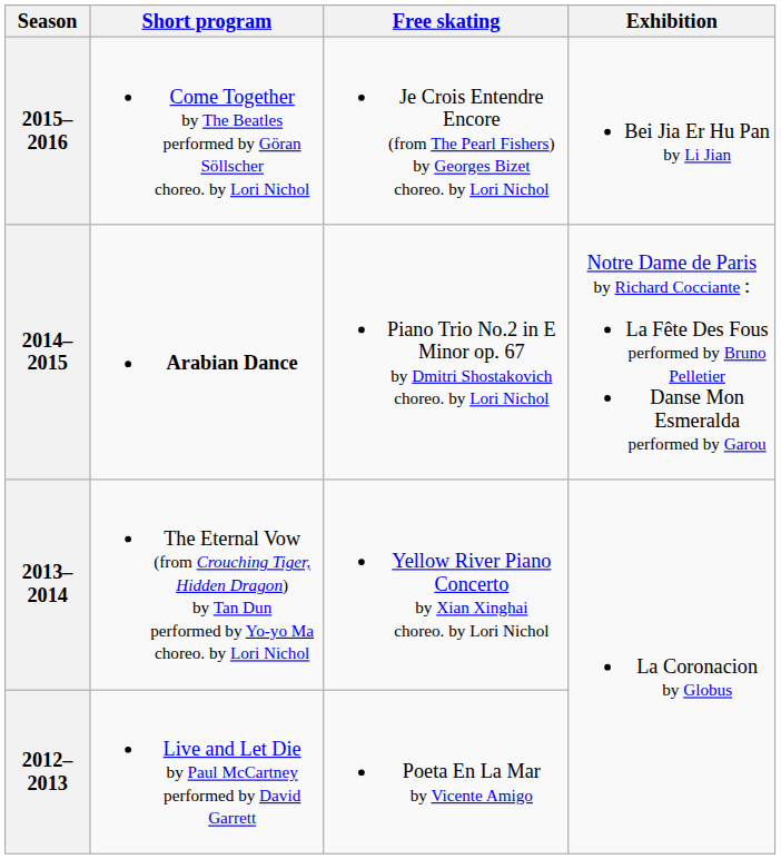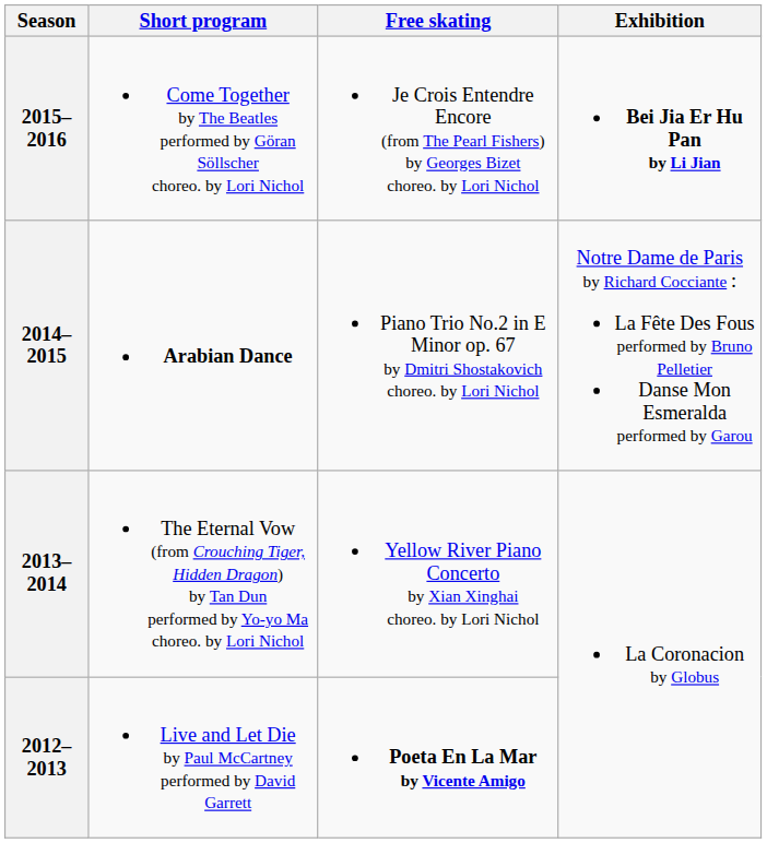 <table class="wikitable" style="text-align:center">
 <tr>
 <th>Season</th>
 <th><a href='#'>Short program</a></th>
 <th><a href='#'>Free skating</a></th>
 <th>Exhibition</th>
 </tr>
 <tr>
 <th>2015–2016 <br> </th>
 <td><br><ul><li><a href='#'>Come Together</a> <br><small> by <a href='#'>The Beatles</a> <br> performed by <a href='#'>Göran Söllscher</a> <br> choreo. by <a href='#'>Lori Nichol</a> </small></li></ul></td>
 <td><br><ul><li>Je Crois Entendre Encore <br><small> (from <a href='#'>The Pearl Fishers</a>) <br> by <a href='#'>Georges Bizet</a> <br> choreo. by <a href='#'>Lori Nichol</a></small></li></ul></td>
-<td><br><ul><li>Bei Jia Er Hu Pan <br><small> by <a href='#'>Li Jian</a> </small></li></ul></td>
+<td><strong><br><ul><li>Bei Jia Er Hu Pan <br><small> by <a href='#'>Li Jian</a> </small></li></ul></strong></td>
 </tr>
 <tr>
 <th>2014–2015 <br> </th>
 <td><strong><br><ul><li>Arabian Dance <br> </li></ul></strong></td>
 <td><br><ul><li>Piano Trio No.2 in E Minor op. 67 <br><small> by <a href='#'>Dmitri Shostakovich</a> <br> choreo. by <a href='#'>Lori Nichol</a> </small></li></ul></td>
 <td><br><a href='#'>Notre Dame de Paris</a> <br><small> by <a href='#'>Richard Cocciante</a> </small>:<ul><li>La Fête Des Fous <br><small> performed by <a href='#'>Bruno Pelletier</a> </small></li><li>Danse Mon Esmeralda <br><small> performed by <a href='#'>Garou</a> </small></li></ul></td>
 </tr>
 <tr>
 <th>2013–2014 <br> </th>
 <td><br><ul><li>The Eternal Vow <br><small> (from <em><a href='#'>Crouching Tiger, Hidden Dragon</a></em>) <br> by <a href='#'>Tan Dun</a> <br> performed by <a href='#'>Yo-yo Ma</a> <br> choreo. by <a href='#'>Lori Nichol</a> </small></li></ul></td>
 <td><br><ul><li><a href='#'>Yellow River Piano Concerto</a> <br><small> by <a href='#'>Xian Xinghai</a> <br> choreo. by Lori Nichol </small></li></ul></td>
 <td rowspan=2><br><ul><li>La Coronacion <br><small> by <a href='#'>Globus</a> </small></li></ul></td>
 </tr>
 <tr>
 <th>2012–2013 <br> </th>
 <td><br><ul><li><a href='#'>Live and Let Die</a> <br><small> by <a href='#'>Paul McCartney</a> <br> performed by <a href='#'>David Garrett</a> </small></li></ul></td>
-<td><br><ul><li>Poeta En La Mar <br><small> by <a href='#'>Vicente Amigo</a> </small></li></ul></td>
+<td><strong><br><ul><li>Poeta En La Mar <br><small> by <a href='#'>Vicente Amigo</a> </small></li></ul></strong></td>
 </tr>
 </table>
